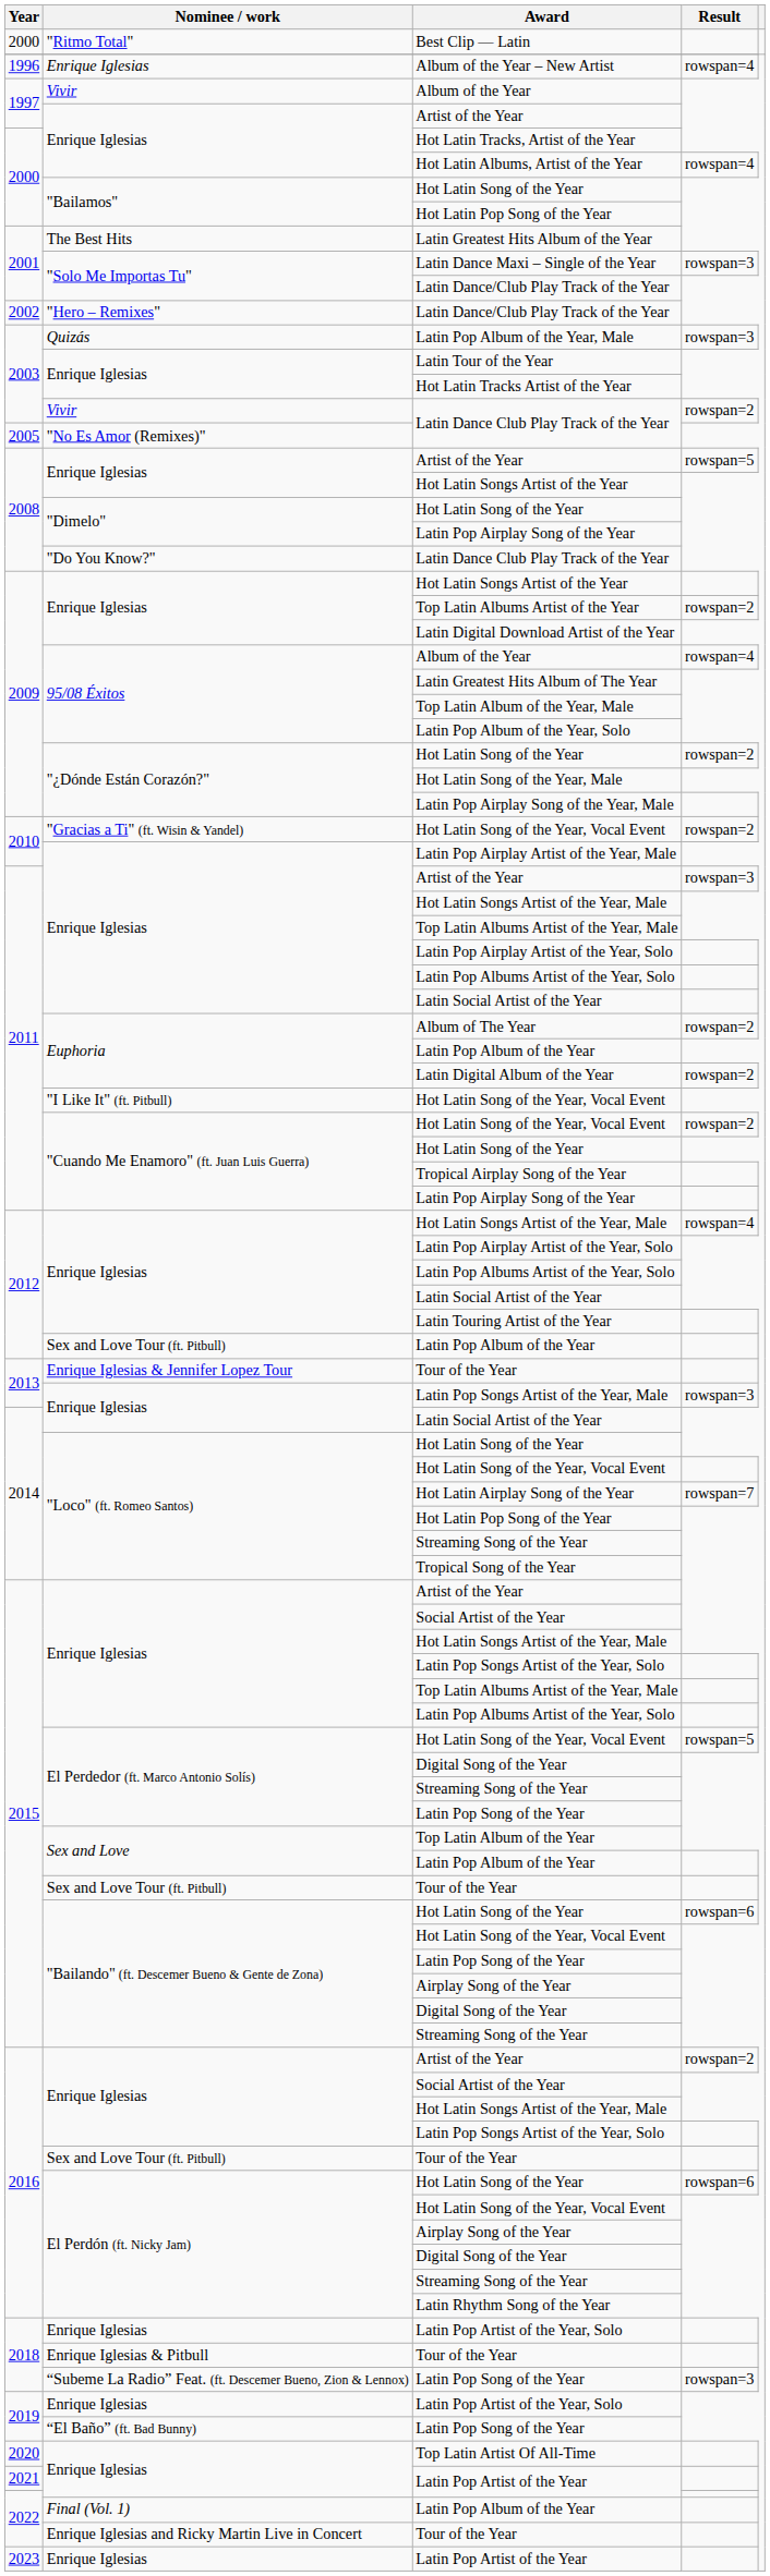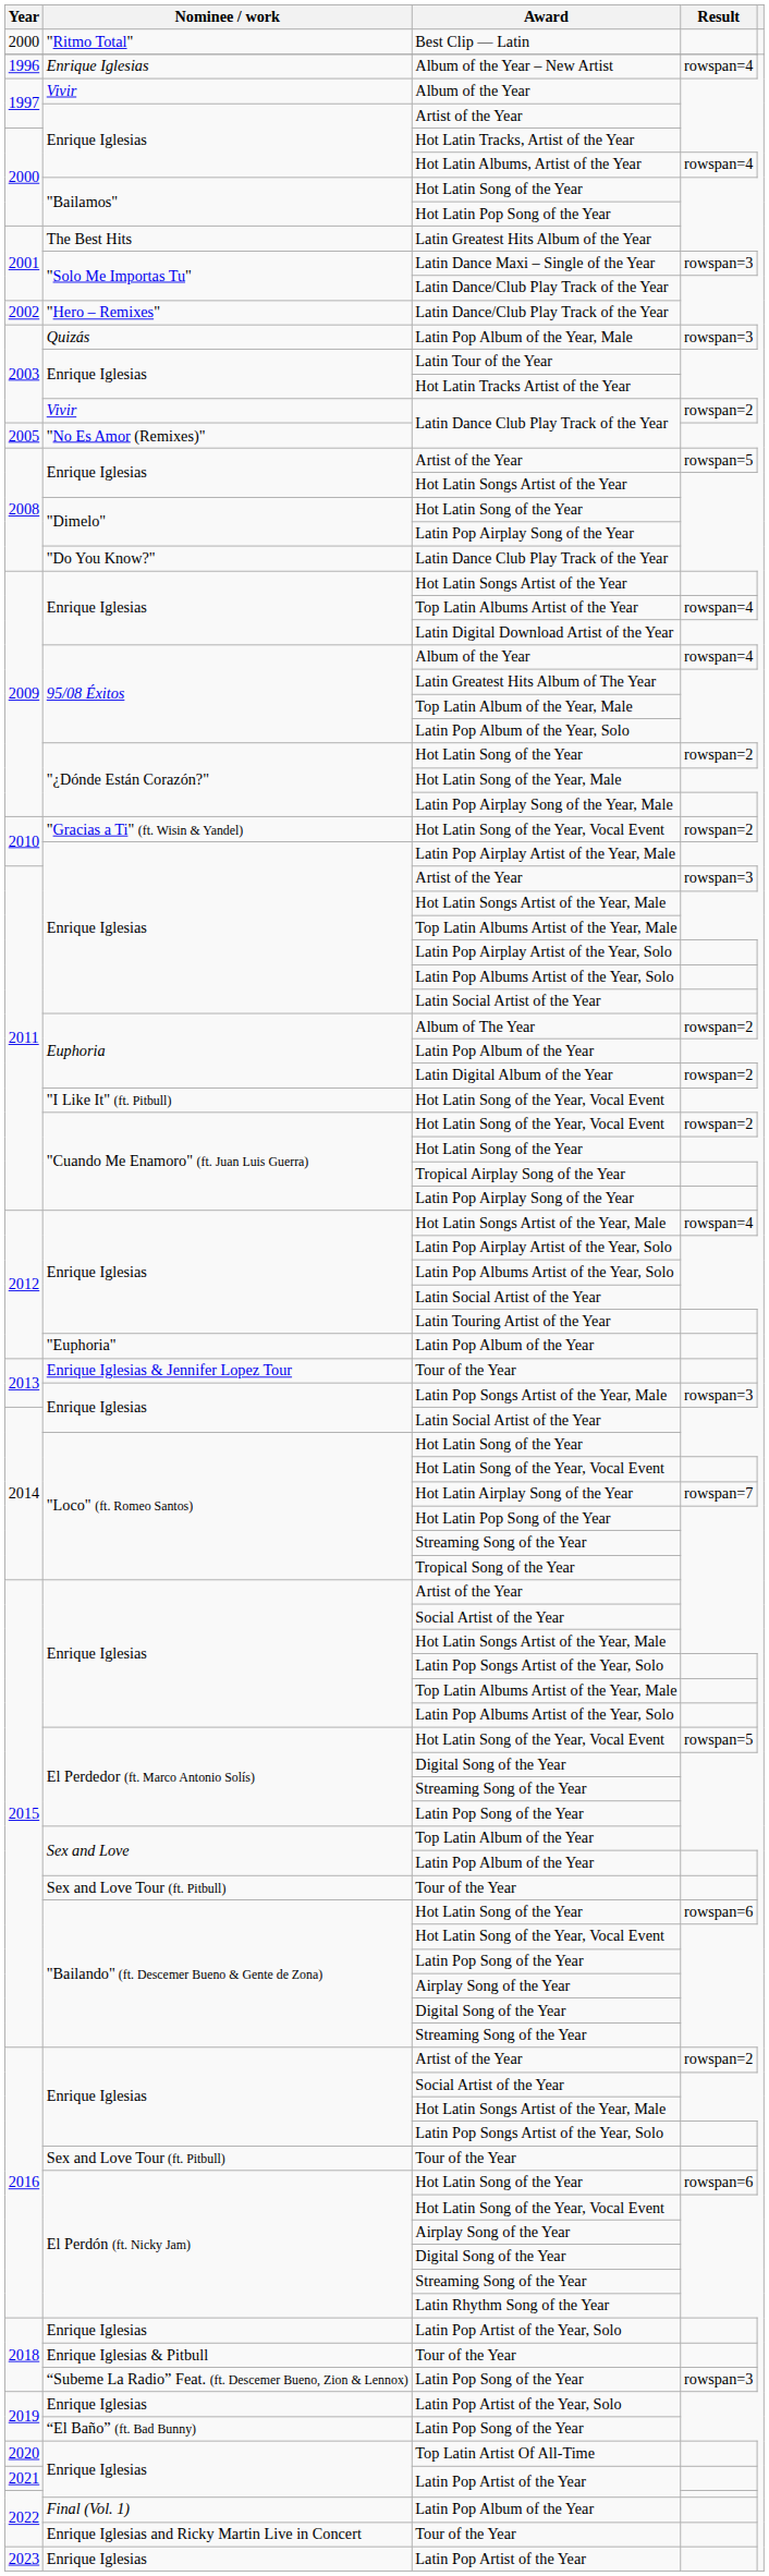 <table class="wikitable">
 <tr>
 <th>Year</th>
 <th>Nominee / work</th>
 <th>Award</th>
 <th>Result</th>
 <th></th>
 </tr>
 <tr>
 <td rowspan=1>2000</td>
 <td>"<a href='#'>Ritmo Total</a>"</td>
 <td>Best Clip — Latin</td>
 <td></td>
 <td></td>
 </tr>
 <tr>
 </tr>
 <tr>
 <td><a href='#'>1996</a></td>
 <td><em>Enrique Iglesias</em></td>
 <td>Album of the Year – New Artist</td>
 <td>rowspan=4 </td>
 </tr>
 <tr>
 <td rowspan=2><a href='#'>1997</a></td>
 <td><em><a href='#'>Vivir</a></em></td>
 <td>Album of the Year</td>
 </tr>
 <tr>
 <td rowspan=3>Enrique Iglesias</td>
 <td>Artist of the Year</td>
 </tr>
 <tr>
 <td rowspan=4><a href='#'>2000</a></td>
 <td>Hot Latin Tracks, Artist of the Year</td>
 </tr>
 <tr>
 <td>Hot Latin Albums, Artist of the Year</td>
 <td>rowspan=4  </td>
 </tr>
 <tr>
 <td rowspan=2>"Bailamos"</td>
 <td>Hot Latin Song of the Year</td>
 </tr>
 <tr>
 <td>Hot Latin Pop Song of the Year</td>
 </tr>
 <tr>
 <td rowspan=3><a href='#'>2001</a></td>
 <td>The Best Hits</td>
 <td>Latin Greatest Hits Album of the Year</td>
 </tr>
 <tr>
 <td rowspan=2>"<a href='#'>Solo Me Importas Tu</a>"</td>
 <td>Latin Dance Maxi – Single of the Year</td>
 <td>rowspan=3 </td>
 </tr>
 <tr>
 <td>Latin Dance/Club Play Track of the Year</td>
 </tr>
 <tr>
 <td><a href='#'>2002</a></td>
 <td>"<a href='#'>Hero – Remixes</a>"</td>
 <td>Latin Dance/Club Play Track of the Year</td>
 </tr>
 <tr>
 <td rowspan=4><a href='#'>2003</a></td>
 <td><em>Quizás</em></td>
 <td>Latin Pop Album of the Year, Male</td>
 <td>rowspan=3 </td>
 </tr>
 <tr>
 <td rowspan=2>Enrique Iglesias</td>
 <td>Latin Tour of the Year</td>
 </tr>
 <tr>
 <td>Hot Latin Tracks Artist of the Year</td>
 </tr>
 <tr>
 <td><em><a href='#'>Vivir</a></em></td>
 <td rowspan=2>Latin Dance Club Play Track of the Year</td>
 <td>rowspan=2 </td>
 </tr>
 <tr>
 <td><a href='#'>2005</a></td>
 <td>"<a href='#'>No Es Amor</a> (Remixes)"</td>
 </tr>
 <tr>
 <td rowspan=5><a href='#'>2008</a></td>
 <td rowspan=2>Enrique Iglesias</td>
 <td>Artist of the Year</td>
 <td>rowspan=5 </td>
 </tr>
 <tr>
 <td>Hot Latin Songs Artist of the Year</td>
 </tr>
 <tr>
 <td rowspan=2>"Dimelo"</td>
 <td>Hot Latin Song of the Year</td>
 </tr>
 <tr>
 <td>Latin Pop Airplay Song of the Year</td>
 </tr>
 <tr>
 <td>"Do You Know?"</td>
 <td>Latin Dance Club Play Track of the Year</td>
 </tr>
 <tr>
 <td rowspan=10><a href='#'>2009</a></td>
 <td rowspan=3>Enrique Iglesias</td>
 <td>Hot Latin Songs Artist of the Year</td>
 <td></td>
 </tr>
 <tr>
 <td>Top Latin Albums Artist of the Year</td>
-<td>rowspan=2 </td>
+<td>rowspan=4 </td>
 </tr>
 <tr>
 <td>Latin Digital Download Artist of the Year</td>
 </tr>
 <tr>
 <td rowspan=4><em><a href='#'>95/08 Éxitos</a></em></td>
 <td>Album of the Year</td>
 <td>rowspan=4 </td>
 </tr>
 <tr>
 <td>Latin Greatest Hits Album of The Year</td>
 </tr>
 <tr>
 <td>Top Latin Album of the Year, Male</td>
 </tr>
 <tr>
 <td>Latin Pop Album of the Year, Solo</td>
 </tr>
 <tr>
 <td rowspan=3>"¿Dónde Están Corazón?"</td>
 <td Hot Latin Song of the Year>Hot Latin Song of the Year</td>
 <td>rowspan=2 </td>
 </tr>
 <tr>
 <td>Hot Latin Song of the Year, Male</td>
 </tr>
 <tr>
 <td>Latin Pop Airplay Song of the Year, Male</td>
 <td></td>
 </tr>
 <tr>
 <td rowspan=2><a href='#'>2010</a></td>
 <td>"<a href='#'>Gracias a Ti</a>" <small> (ft. Wisin & Yandel)</small></td>
 <td>Hot Latin Song of the Year, Vocal Event</td>
 <td>rowspan=2 </td>
 </tr>
 <tr>
 <td rowspan=7>Enrique Iglesias</td>
 <td>Latin Pop Airplay Artist of the Year, Male</td>
 </tr>
 <tr>
 <td rowspan=14><a href='#'>2011</a></td>
 <td>Artist of the Year</td>
 <td>rowspan=3 </td>
 </tr>
 <tr>
 <td>Hot Latin Songs Artist of the Year, Male</td>
 </tr>
 <tr>
 <td>Top Latin Albums Artist of the Year, Male</td>
 </tr>
 <tr>
 <td>Latin Pop Airplay Artist of the Year, Solo</td>
 <td></td>
 </tr>
 <tr>
 <td>Latin Pop Albums Artist of the Year, Solo</td>
 <td></td>
 </tr>
 <tr>
 <td>Latin Social Artist of the Year</td>
 <td></td>
 </tr>
 <tr>
 <td rowspan=3><em>Euphoria</em></td>
 <td>Album of The Year</td>
 <td>rowspan=2 </td>
 </tr>
 <tr>
 <td>Latin Pop Album of the Year</td>
 </tr>
 <tr>
 <td>Latin Digital Album of the Year</td>
 <td>rowspan=2 </td>
 </tr>
 <tr>
 <td>"I Like It" <small> (ft. Pitbull)</small></td>
 <td>Hot Latin Song of the Year, Vocal Event</td>
 </tr>
 <tr>
 <td rowspan=4>"Cuando Me Enamoro" <small> (ft. Juan Luis Guerra)</small></td>
 <td>Hot Latin Song of the Year, Vocal Event</td>
 <td>rowspan=2 </td>
 </tr>
 <tr>
 <td>Hot Latin Song of the Year</td>
 </tr>
 <tr>
 <td>Tropical Airplay Song of the Year</td>
 <td></td>
 </tr>
 <tr>
 <td>Latin Pop Airplay Song of the Year</td>
 <td></td>
 </tr>
 <tr>
 <td rowspan=6><a href='#'>2012</a></td>
 <td rowspan=5>Enrique Iglesias</td>
 <td>Hot Latin Songs Artist of the Year, Male</td>
 <td>rowspan=4 </td>
 </tr>
 <tr>
 <td>Latin Pop Airplay Artist of the Year, Solo</td>
 </tr>
 <tr>
 <td>Latin Pop Albums Artist of the Year, Solo</td>
 </tr>
 <tr>
 <td>Latin Social Artist of the Year</td>
 </tr>
 <tr>
 <td>Latin Touring Artist of the Year</td>
 <td></td>
 </tr>
 <tr>
-<td>Sex and Love Tour<small> (ft. Pitbull)</small></td>
+<td>"Euphoria"</td>
 <td>Latin Pop Album of the Year</td>
 <td></td>
 </tr>
 <tr>
 <td rowspan=2><a href='#'>2013</a></td>
 <td><a href='#'>Enrique Iglesias & Jennifer Lopez Tour</a></td>
 <td>Tour of the Year</td>
 <td></td>
 </tr>
 <tr>
 <td rowspan=2>Enrique Iglesias</td>
 <td>Latin Pop Songs Artist of the Year, Male</td>
 <td>rowspan=3 </td>
 </tr>
 <tr>
 <td rowspan=7>2014</td>
 <td>Latin Social Artist of the Year</td>
 </tr>
 <tr>
 <td rowspan=6>"Loco" <small>(ft. Romeo Santos)</small></td>
 <td>Hot Latin Song of the Year</td>
 </tr>
 <tr>
 <td>Hot Latin Song of the Year, Vocal Event</td>
 <td></td>
 </tr>
 <tr>
 <td>Hot Latin Airplay Song of the Year</td>
 <td>rowspan=7 </td>
 </tr>
 <tr>
 <td>Hot Latin Pop Song of the Year</td>
 </tr>
 <tr>
 <td>Streaming Song of the Year</td>
 </tr>
 <tr>
 <td>Tropical Song of the Year</td>
 </tr>
 <tr>
 <td rowspan=19><a href='#'>2015</a></td>
 <td rowspan=6>Enrique Iglesias</td>
 <td>Artist of the Year</td>
 </tr>
 <tr>
 <td>Social Artist of the Year</td>
 </tr>
 <tr>
 <td>Hot Latin Songs Artist of the Year, Male</td>
 </tr>
 <tr>
 <td>Latin Pop Songs Artist of the Year, Solo</td>
 <td></td>
 </tr>
 <tr>
 <td>Top Latin Albums Artist of the Year, Male</td>
 <td></td>
 </tr>
 <tr>
 <td>Latin Pop Albums Artist of the Year, Solo</td>
 <td></td>
 </tr>
 <tr>
 <td rowspan=4>El Perdedor <small> (ft. Marco Antonio Solís)</small></td>
 <td>Hot Latin Song of the Year, Vocal Event</td>
 <td>rowspan=5 </td>
 </tr>
 <tr>
 <td>Digital Song of the Year</td>
 </tr>
 <tr>
 <td>Streaming Song of the Year</td>
 </tr>
 <tr>
 <td>Latin Pop Song of the Year</td>
 </tr>
 <tr>
 <td rowspan=2><em>Sex and Love</em></td>
 <td>Top Latin Album of the Year</td>
 </tr>
 <tr>
 <td>Latin Pop Album of the Year</td>
 <td></td>
 </tr>
 <tr>
 <td>Sex and Love Tour <small> (ft. Pitbull)</small></td>
 <td>Tour of the Year</td>
 <td></td>
 </tr>
 <tr>
 <td rowspan=6>"Bailando"<small> (ft. Descemer Bueno & Gente de Zona)</small></td>
 <td>Hot Latin Song of the Year</td>
 <td>rowspan=6 </td>
 </tr>
 <tr>
 <td>Hot Latin Song of the Year, Vocal Event</td>
 </tr>
 <tr>
 <td>Latin Pop Song of the Year</td>
 </tr>
 <tr>
 <td>Airplay Song of the Year</td>
 </tr>
 <tr>
 <td>Digital Song of the Year</td>
 </tr>
 <tr>
 <td>Streaming Song of the Year</td>
 </tr>
 <tr>
 <td rowspan=11><a href='#'>2016</a></td>
 <td rowspan=4>Enrique Iglesias</td>
 <td>Artist of the Year</td>
 <td>rowspan=2 </td>
 </tr>
 <tr>
 <td>Social Artist of the Year</td>
 </tr>
 <tr>
 <td>Hot Latin Songs Artist of the Year, Male</td>
 </tr>
 <tr>
 <td>Latin Pop Songs Artist of the Year, Solo</td>
 <td></td>
 </tr>
 <tr>
 <td>Sex and Love Tour<small> (ft. Pitbull)</small></td>
 <td>Tour of the Year</td>
 <td></td>
 </tr>
 <tr>
 <td rowspan=6>El Perdón <small>(ft. Nicky Jam)</small></td>
 <td>Hot Latin Song of the Year</td>
 <td>rowspan=6 </td>
 </tr>
 <tr>
 <td>Hot Latin Song of the Year, Vocal Event</td>
 </tr>
 <tr>
 <td>Airplay Song of the Year</td>
 </tr>
 <tr>
 <td>Digital Song of the Year</td>
 </tr>
 <tr>
 <td>Streaming Song of the Year</td>
 </tr>
 <tr>
 <td>Latin Rhythm Song of the Year</td>
 </tr>
 <tr>
 <td rowspan=3><a href='#'>2018</a></td>
 <td>Enrique Iglesias</td>
 <td>Latin Pop Artist of the Year, Solo</td>
 <td></td>
 </tr>
 <tr>
 <td>Enrique Iglesias & Pitbull</td>
 <td>Tour of the Year</td>
 <td></td>
 </tr>
 <tr>
 <td>“Subeme La Radio” Feat. <small>(ft. Descemer Bueno, Zion & Lennox)</small></td>
 <td>Latin Pop Song of the Year</td>
 <td>rowspan=3 </td>
 </tr>
 <tr>
 <td rowspan=2><a href='#'>2019</a></td>
 <td>Enrique Iglesias</td>
 <td>Latin Pop Artist of the Year, Solo</td>
 </tr>
 <tr>
 <td>“El Baño” <small>(ft. Bad Bunny)</small></td>
 <td>Latin Pop Song of the Year</td>
 </tr>
 <tr>
 <td><a href='#'>2020</a></td>
 <td rowspan=3>Enrique Iglesias</td>
 <td>Top Latin Artist Of All-Time</td>
 <td></td>
 </tr>
 <tr>
 <td><a href='#'>2021</a></td>
 <td rowspan=2>Latin Pop Artist of the Year</td>
 <td></td>
 </tr>
 <tr>
 <td rowspan=3><a href='#'>2022</a></td>
 <td></td>
 </tr>
 <tr>
 <td><em> Final (Vol. 1)</em></td>
 <td>Latin Pop Album of the Year</td>
 <td></td>
 </tr>
 <tr>
 <td>Enrique Iglesias and Ricky Martin Live in Concert</td>
 <td>Tour of the Year</td>
 <td></td>
 </tr>
 <tr>
 <td><a href='#'>2023</a></td>
 <td>Enrique Iglesias</td>
 <td>Latin Pop Artist of the Year</td>
 <td></td>
 </tr>
 </table>
